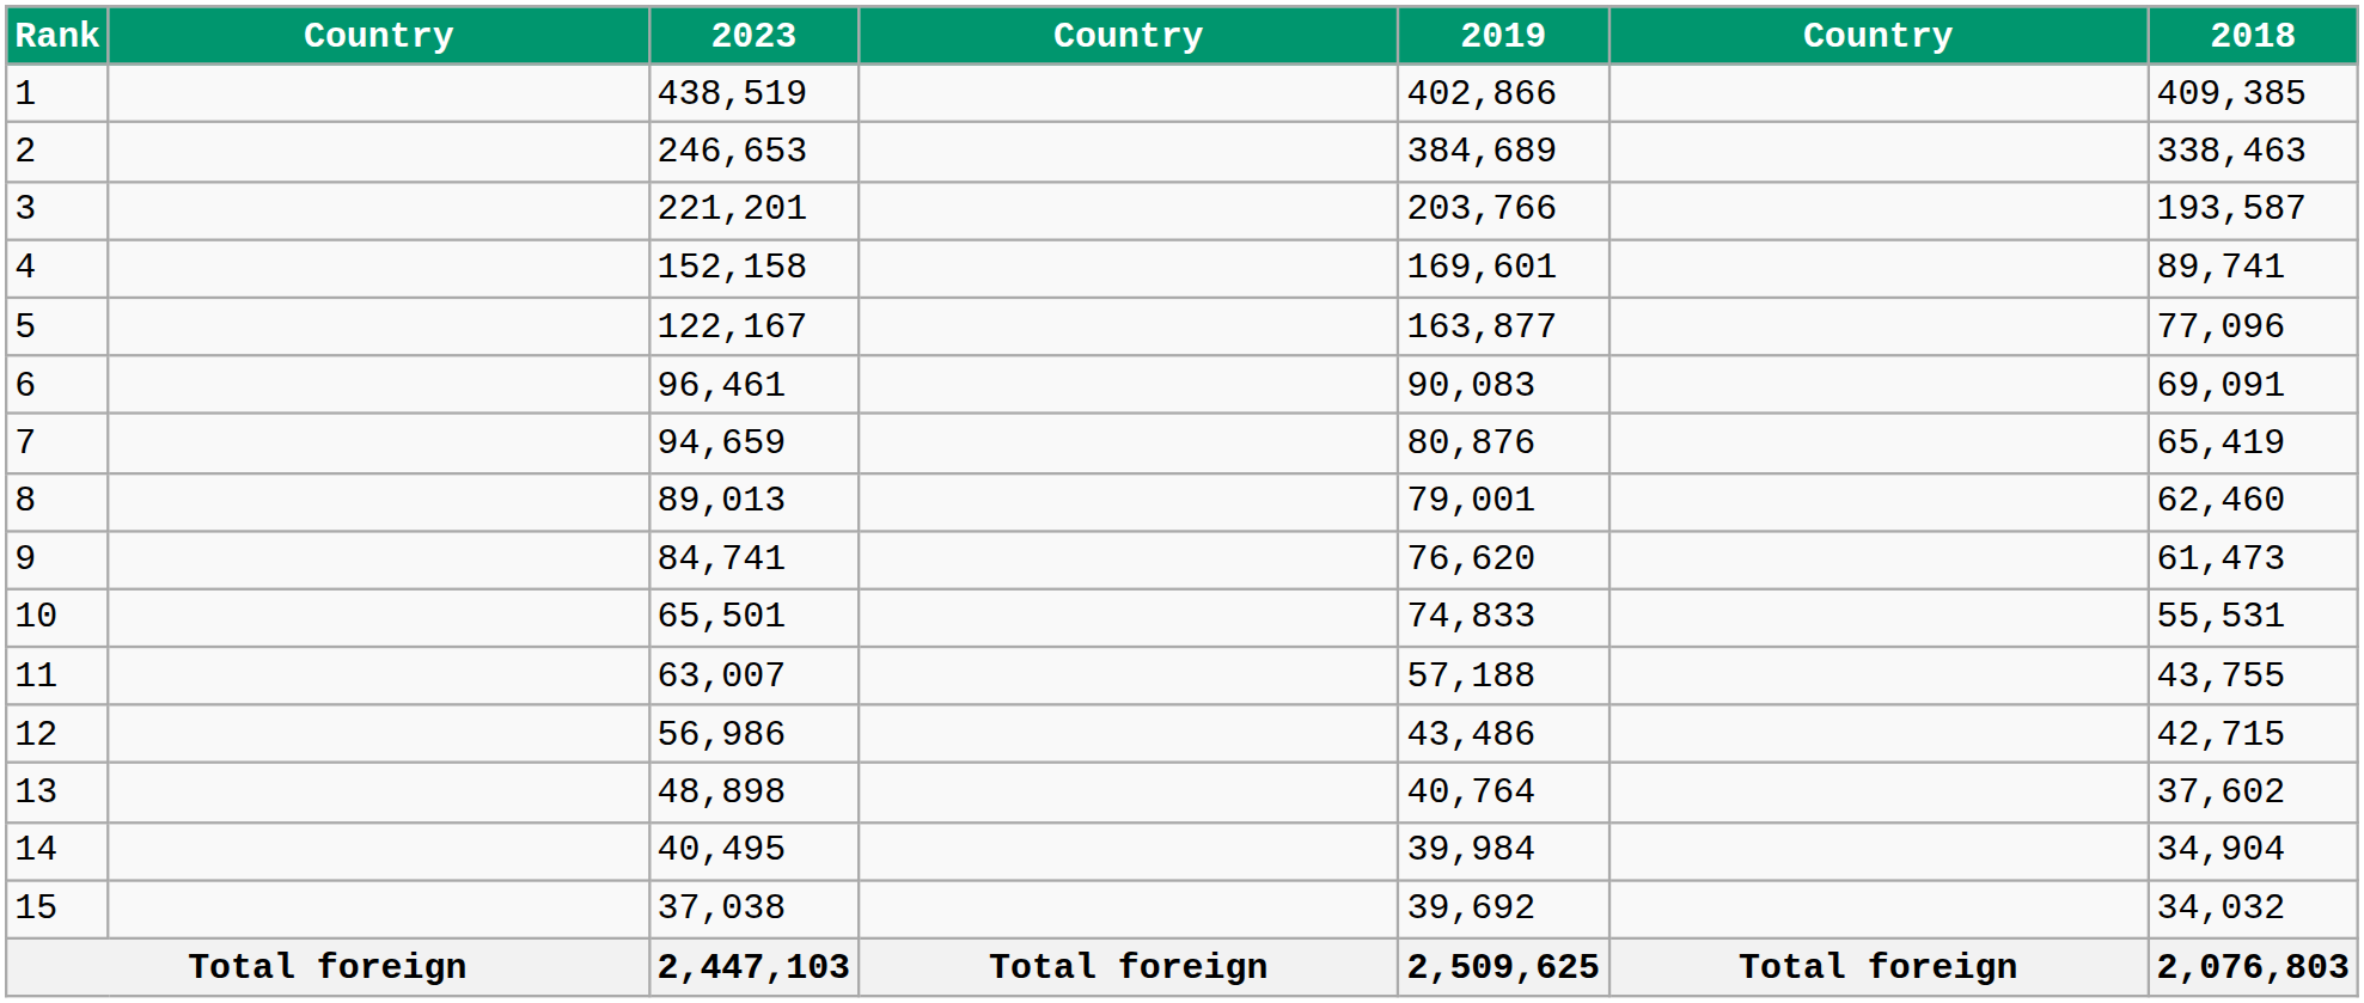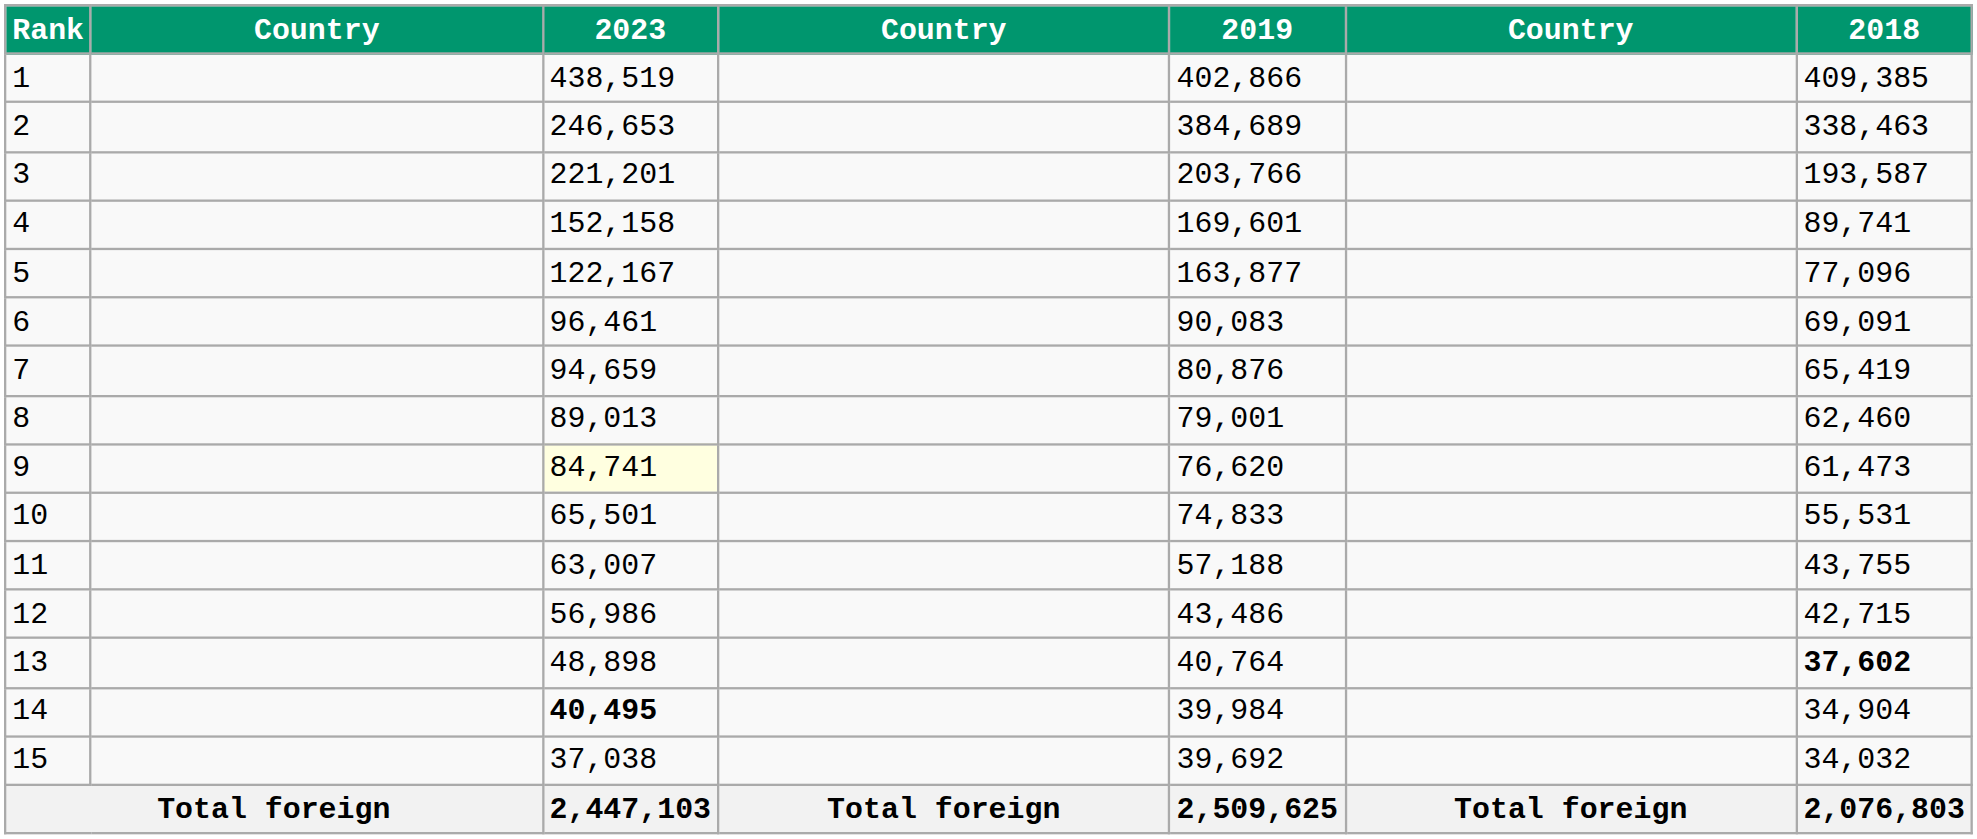 <table class="wikitable">
 <tr>
 </tr>
 <tr style="color:white;">
 <th style="width:5px; background:#00966E;">Rank</th>
 <th style="width:190px; background:#00966E;">Country</th>
 <th style="width:50px; background:#00966E;">2023</th>
 <th style="width:190px; background:#00966E;">Country</th>
 <th style="width:50px; background:#00966E;">2019</th>
 <th style="width:190px; background:#00966E;">Country</th>
 <th style="width:50px; background:#00966E;">2018</th>
 </tr>
 <tr>
 <td>1</td>
 <td></td>
 <td>438,519</td>
 <td></td>
 <td>402,866</td>
 <td></td>
 <td>409,385</td>
 </tr>
 <tr>
 <td>2</td>
 <td></td>
 <td>246,653</td>
 <td></td>
 <td>384,689</td>
 <td></td>
 <td>338,463</td>
 </tr>
 <tr>
 <td>3</td>
 <td></td>
 <td>221,201</td>
 <td></td>
 <td>203,766</td>
 <td></td>
 <td>193,587</td>
 </tr>
 <tr>
 <td>4</td>
 <td></td>
 <td>152,158</td>
 <td></td>
 <td>169,601</td>
 <td></td>
 <td>89,741</td>
 </tr>
 <tr>
 <td>5</td>
 <td></td>
 <td>122,167</td>
 <td></td>
 <td>163,877</td>
 <td></td>
 <td>77,096</td>
 </tr>
 <tr>
 <td>6</td>
 <td></td>
 <td>96,461</td>
 <td></td>
 <td>90,083</td>
 <td></td>
 <td>69,091</td>
 </tr>
 <tr>
 <td>7</td>
 <td></td>
 <td>94,659</td>
 <td></td>
 <td>80,876</td>
 <td></td>
 <td>65,419</td>
 </tr>
 <tr>
 <td>8</td>
 <td></td>
 <td>89,013</td>
 <td></td>
 <td>79,001</td>
 <td></td>
 <td>62,460</td>
 </tr>
 <tr>
 <td>9</td>
 <td></td>
-<td>84,741</td>
+<td style="background: lightyellow;">84,741</td>
 <td></td>
 <td>76,620</td>
 <td></td>
 <td>61,473</td>
 </tr>
 <tr>
 <td>10</td>
 <td></td>
 <td>65,501</td>
 <td></td>
 <td>74,833</td>
 <td></td>
 <td>55,531</td>
 </tr>
 <tr>
 <td>11</td>
 <td></td>
 <td>63,007</td>
 <td></td>
 <td>57,188</td>
 <td></td>
 <td>43,755</td>
 </tr>
 <tr>
 <td>12</td>
 <td></td>
 <td>56,986</td>
 <td></td>
 <td>43,486</td>
 <td></td>
 <td>42,715</td>
 </tr>
 <tr>
 <td>13</td>
 <td></td>
 <td>48,898</td>
 <td></td>
 <td>40,764</td>
 <td></td>
-<td>37,602</td>
+<td><strong>37,602</strong></td>
 </tr>
 <tr>
 <td>14</td>
 <td></td>
-<td>40,495</td>
+<td><strong>40,495</strong></td>
 <td></td>
 <td>39,984</td>
 <td></td>
 <td>34,904</td>
 </tr>
 <tr>
 <td>15</td>
 <td></td>
 <td>37,038</td>
 <td></td>
 <td>39,692</td>
 <td></td>
 <td>34,032</td>
 </tr>
 <tr>
 <th colspan=2>Total foreign</th>
 <th>2,447,103</th>
 <th>Total foreign</th>
 <th>2,509,625</th>
 <th>Total foreign</th>
 <th>2,076,803</th>
 </tr>
 </table>
